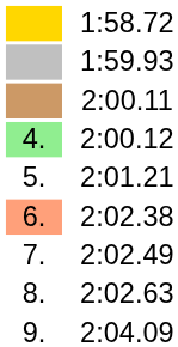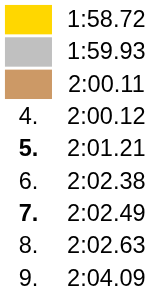 <table style="text-align:center">
 <tr>
 <td width=30 bgcolor=gold></td>
 <td align=left></td>
 <td width=60>1:58.72</td>
 </tr>
 <tr>
 <td bgcolor=silver></td>
 <td align=left></td>
 <td>1:59.93</td>
 </tr>
 <tr>
 <td bgcolor=cc9966></td>
 <td align=left></td>
 <td>2:00.11</td>
 </tr>
 <tr>
-<td style="background: lightgreen;">4.</td>
+<td>4.</td>
 <td align=left></td>
 <td>2:00.12</td>
 </tr>
 <tr>
-<td>5.</td>
+<td><strong>5.</strong></td>
 <td align=left></td>
 <td>2:01.21</td>
 </tr>
 <tr>
-<td style="background: lightsalmon;">6.</td>
+<td>6.</td>
 <td align=left></td>
 <td>2:02.38</td>
 </tr>
 <tr>
-<td>7.</td>
+<td><strong>7.</strong></td>
 <td align=left></td>
 <td>2:02.49</td>
 </tr>
 <tr>
 <td>8.</td>
 <td align=left></td>
 <td>2:02.63</td>
 </tr>
 <tr>
 <td>9.</td>
 <td align=left></td>
 <td>2:04.09</td>
 </tr>
 </table>
